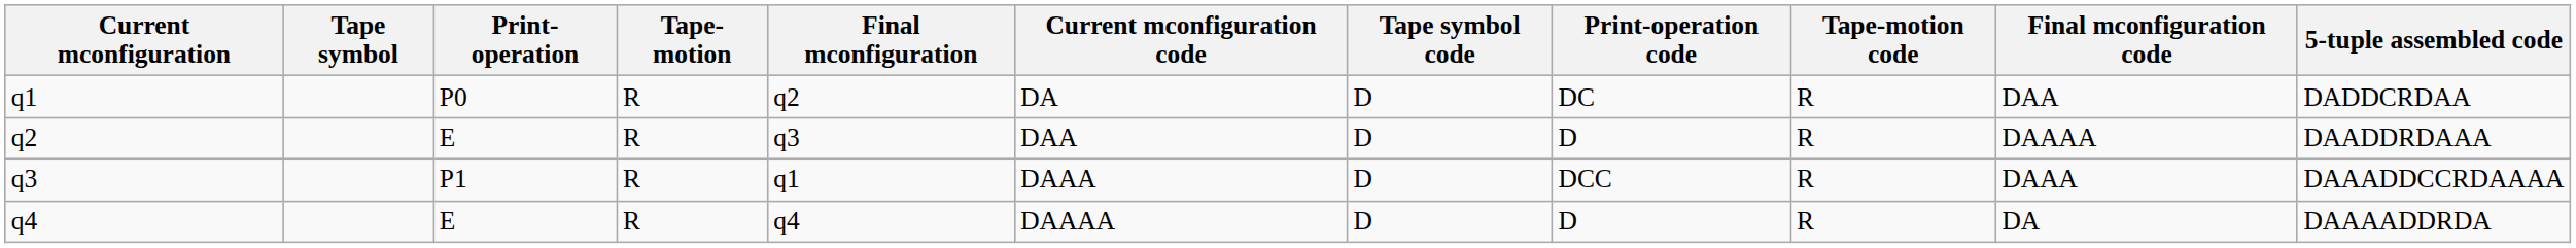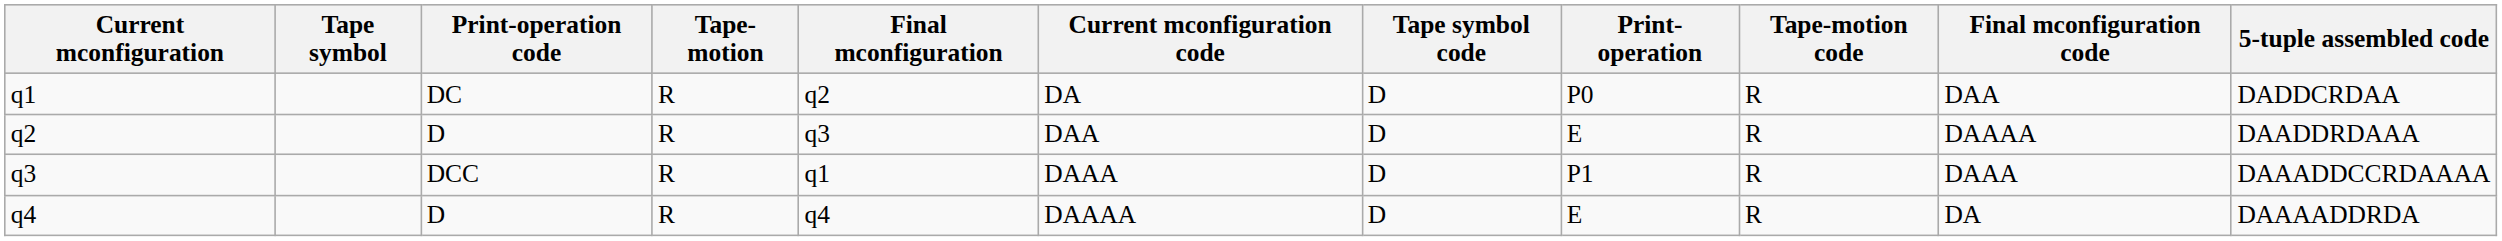 <table class="wikitable">
 <tr>
 <th>Current mconfiguration</th>
 <th>Tape symbol</th>
-<th>Print-operation</th>
+<th>Print-operation code</th>
 <th>Tape-motion</th>
 <th>Final mconfiguration</th>
 <th>Current mconfiguration code</th>
 <th>Tape symbol code</th>
-<th>Print-operation code</th>
+<th>Print-operation</th>
 <th>Tape-motion code</th>
 <th>Final mconfiguration code</th>
 <th>5-tuple assembled code</th>
 </tr>
 <tr>
 <td>q1</td>
 <td></td>
-<td>P0</td>
+<td>DC</td>
 <td>R</td>
 <td>q2</td>
 <td>DA</td>
 <td>D</td>
-<td>DC</td>
+<td>P0</td>
 <td>R</td>
 <td>DAA</td>
 <td>DADDCRDAA</td>
 </tr>
 <tr>
 <td>q2</td>
 <td></td>
-<td>E</td>
+<td>D</td>
 <td>R</td>
 <td>q3</td>
 <td>DAA</td>
 <td>D</td>
-<td>D</td>
+<td>E</td>
 <td>R</td>
 <td>DAAAA</td>
 <td>DAADDRDAAA</td>
 </tr>
 <tr>
 <td>q3</td>
 <td></td>
-<td>P1</td>
+<td>DCC</td>
 <td>R</td>
 <td>q1</td>
 <td>DAAA</td>
 <td>D</td>
-<td>DCC</td>
+<td>P1</td>
 <td>R</td>
 <td>DAAA</td>
 <td>DAAADDCCRDAAAA</td>
 </tr>
 <tr>
 <td>q4</td>
 <td></td>
-<td>E</td>
+<td>D</td>
 <td>R</td>
 <td>q4</td>
 <td>DAAAA</td>
 <td>D</td>
-<td>D</td>
+<td>E</td>
 <td>R</td>
 <td>DA</td>
 <td>DAAAADDRDA</td>
 </tr>
 </table>
